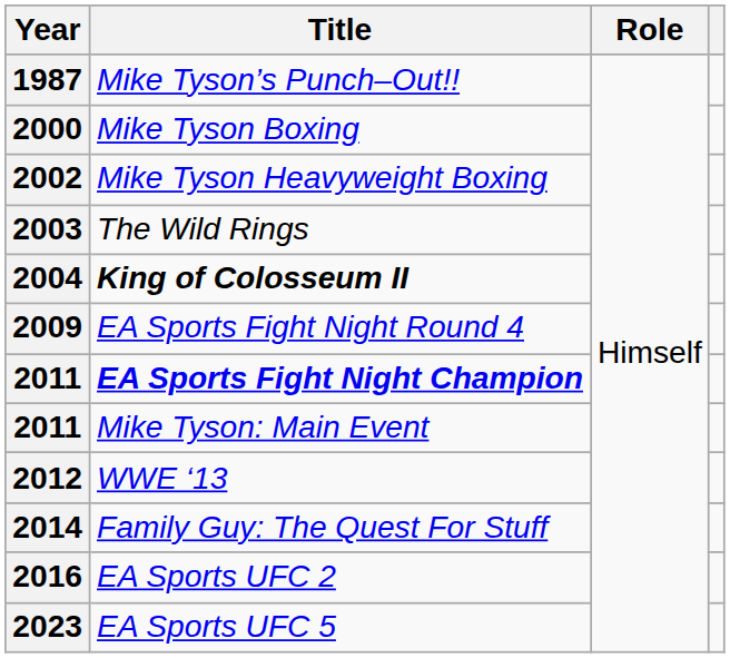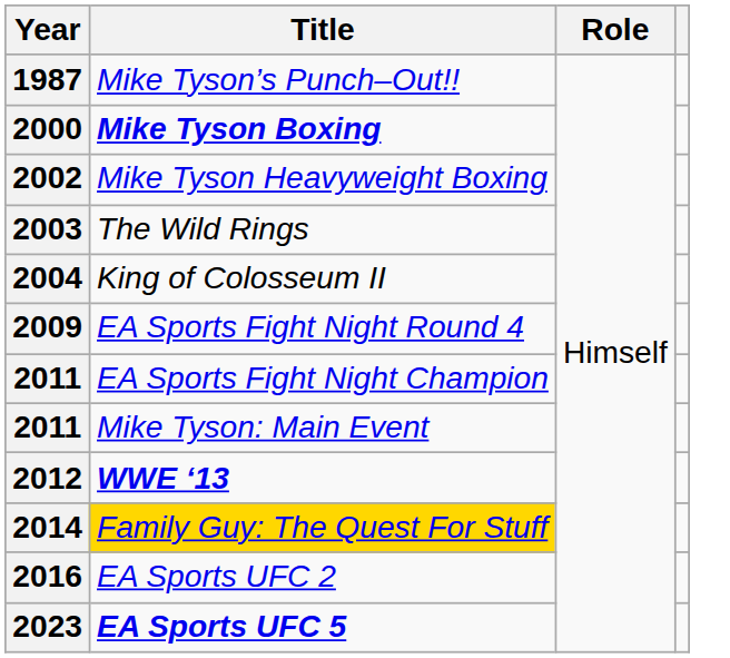 <table class="wikitable sortable plainrowheaders">
 <tr>
 <th scope="col">Year</th>
 <th scope="col">Title</th>
 <th scope="col">Role</th>
 <th scope="col" class="unsortable"></th>
 </tr>
 <tr>
 <th scope="row">1987</th>
 <td><em><a href='#'>Mike Tyson’s Punch–Out!!</a></em></td>
 <td rowspan="12">Himself</td>
 <td></td>
 </tr>
 <tr>
 <th scope="row">2000</th>
-<td><em><a href='#'>Mike Tyson Boxing</a></em></td>
+<td><strong><em><a href='#'>Mike Tyson Boxing</a></em></strong></td>
 <td></td>
 </tr>
 <tr>
 <th scope="row">2002</th>
 <td><em><a href='#'>Mike Tyson Heavyweight Boxing</a></em></td>
 <td></td>
 </tr>
 <tr>
 <th scope="row">2003</th>
 <td><em>The Wild Rings</em></td>
 <td></td>
 </tr>
 <tr>
 <th scope="row">2004</th>
-<td><strong><em>King of Colosseum II</em></strong></td>
+<td><em>King of Colosseum II</em></td>
 <td></td>
 </tr>
 <tr>
 <th scope="row">2009</th>
 <td><em><a href='#'>EA Sports Fight Night Round 4</a></em></td>
 <td></td>
 </tr>
 <tr>
 <th scope="row">2011</th>
-<td><strong><em><a href='#'>EA Sports Fight Night Champion</a></em></strong></td>
+<td><em><a href='#'>EA Sports Fight Night Champion</a></em></td>
 <td></td>
 </tr>
 <tr>
 <th scope="row">2011</th>
 <td><em><a href='#'>Mike Tyson: Main Event</a></em></td>
 <td></td>
 </tr>
 <tr>
 <th scope="row">2012</th>
-<td><em><a href='#'>WWE ‘13</a></em></td>
+<td><strong><em><a href='#'>WWE ‘13</a></em></strong></td>
 <td></td>
 </tr>
 <tr>
 <th scope="row">2014</th>
-<td><em><a href='#'>Family Guy: The Quest For Stuff</a></em></td>
+<td style="background: gold;"><em><a href='#'>Family Guy: The Quest For Stuff</a></em></td>
 <td></td>
 </tr>
 <tr>
 <th scope="row">2016</th>
 <td><em><a href='#'>EA Sports UFC 2</a></em></td>
 <td></td>
 </tr>
 <tr>
 <th scope="row">2023</th>
-<td><em><a href='#'>EA Sports UFC 5</a></em></td>
+<td><strong><em><a href='#'>EA Sports UFC 5</a></em></strong></td>
 <td></td>
 </tr>
 </table>
